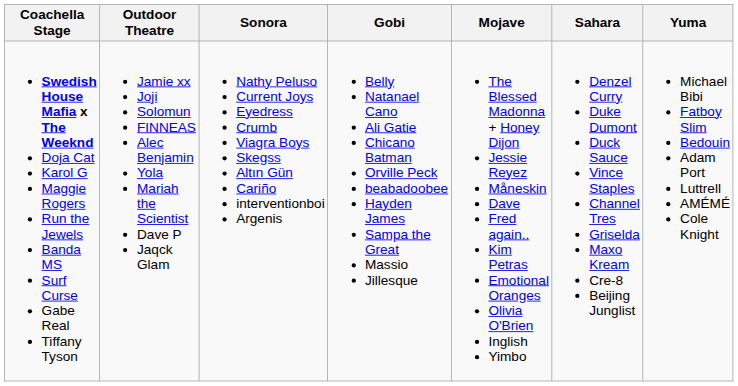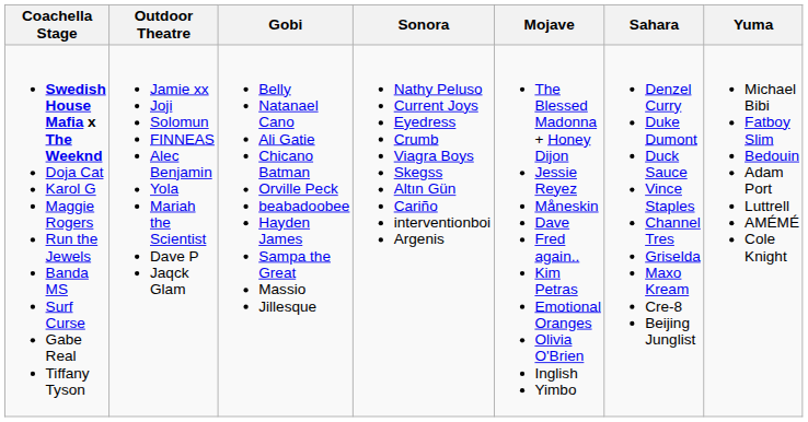 <table class="wikitable">
 <tr>
 <th>Coachella Stage</th>
 <th>Outdoor Theatre</th>
+<th>Gobi</th>
 <th>Sonora</th>
-<th>Gobi</th>
 <th>Mojave</th>
 <th>Sahara</th>
 <th>Yuma</th>
 </tr>
 <tr valign="top">
 <td><br><ul><li><strong><a href='#'>Swedish House Mafia</a> x <a href='#'>The Weeknd</a></strong></li><li><a href='#'>Doja Cat</a></li><li><a href='#'>Karol G</a></li><li><a href='#'>Maggie Rogers</a></li><li><a href='#'>Run the Jewels</a> </li><li><a href='#'>Banda MS</a></li><li><a href='#'>Surf Curse</a> </li><li>Gabe Real </li><li>Tiffany Tyson </li></ul></td>
 <td><br><ul><li><a href='#'>Jamie xx</a></li><li><a href='#'>Joji</a></li><li><a href='#'>Solomun</a></li><li><a href='#'>FINNEAS</a></li><li><a href='#'>Alec Benjamin</a></li><li><a href='#'>Yola</a></li><li><a href='#'>Mariah the Scientist</a></li><li>Dave P </li><li>Jaqck Glam </li></ul></td>
+<td><br><ul><li><a href='#'>Belly</a></li><li><a href='#'>Natanael Cano</a></li><li><a href='#'>Ali Gatie</a></li><li><a href='#'>Chicano Batman</a></li><li><a href='#'>Orville Peck</a></li><li><a href='#'>beabadoobee</a> </li><li><a href='#'>Hayden James</a></li><li><a href='#'>Sampa the Great</a></li><li>Massio </li><li>Jillesque </li></ul></td>
 <td><br><ul><li><a href='#'>Nathy Peluso</a></li><li><a href='#'>Current Joys</a> </li><li><a href='#'>Eyedress</a></li><li><a href='#'>Crumb</a></li><li><a href='#'>Viagra Boys</a></li><li><a href='#'>Skegss</a></li><li><a href='#'>Altın Gün</a></li><li><a href='#'>Cariño</a></li><li>interventionboi </li><li>Argenis </li></ul></td>
-<td><br><ul><li><a href='#'>Belly</a></li><li><a href='#'>Natanael Cano</a></li><li><a href='#'>Ali Gatie</a></li><li><a href='#'>Chicano Batman</a></li><li><a href='#'>Orville Peck</a></li><li><a href='#'>beabadoobee</a> </li><li><a href='#'>Hayden James</a></li><li><a href='#'>Sampa the Great</a></li><li>Massio </li><li>Jillesque </li></ul></td>
 <td><br><ul><li><a href='#'>The Blessed Madonna</a> + <a href='#'>Honey Dijon</a></li><li><a href='#'>Jessie Reyez</a></li><li><a href='#'>Måneskin</a></li><li><a href='#'>Dave</a></li><li><a href='#'>Fred again..</a></li><li><a href='#'>Kim Petras</a></li><li><a href='#'>Emotional Oranges</a></li><li><a href='#'>Olivia O'Brien</a></li><li>Inglish </li><li>Yimbo </li></ul></td>
 <td><br><ul><li><a href='#'>Denzel Curry</a></li><li><a href='#'>Duke Dumont</a></li><li><a href='#'>Duck Sauce</a></li><li><a href='#'>Vince Staples</a></li><li><a href='#'>Channel Tres</a></li><li><a href='#'>Griselda</a></li><li><a href='#'>Maxo Kream</a></li><li>Cre-8 </li><li>Beijing Junglist </li></ul></td>
 <td><br><ul><li>Michael Bibi</li><li><a href='#'>Fatboy Slim</a></li><li><a href='#'>Bedouin</a></li><li>Adam Port</li><li>Luttrell</li><li>AMÉMÉ</li><li>Cole Knight</li></ul></td>
 </tr>
 </table>
